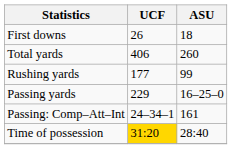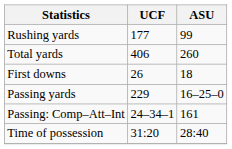 <table class="wikitable" style="float: left;">
 <tr>
 <th>Statistics</th>
 <th>UCF</th>
 <th>ASU</th>
 </tr>
 <tr>
-<td>First downs</td>
-<td>26</td>
-<td>18</td>
+<td>Rushing yards</td>
+<td>177</td>
+<td>99</td>
 </tr>
 <tr>
 <td>Total yards</td>
 <td>406</td>
 <td>260</td>
 </tr>
 <tr>
-<td>Rushing yards</td>
-<td>177</td>
-<td>99</td>
+<td>First downs</td>
+<td>26</td>
+<td>18</td>
 </tr>
 <tr>
 <td>Passing yards</td>
 <td>229</td>
 <td>16–25–0</td>
 </tr>
 <tr>
 <td>Passing: Comp–Att–Int</td>
 <td>24–34–1</td>
 <td>161</td>
 </tr>
 <tr>
 <td>Time of possession</td>
-<td style="background: gold;">31:20</td>
+<td>31:20</td>
 <td>28:40</td>
 </tr>
 <tr>
 </tr>
 </table>
